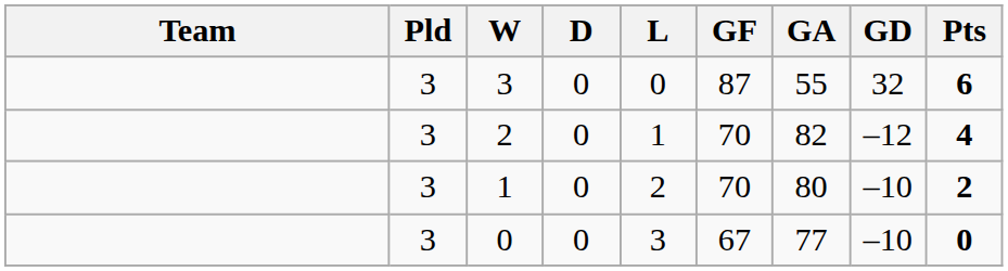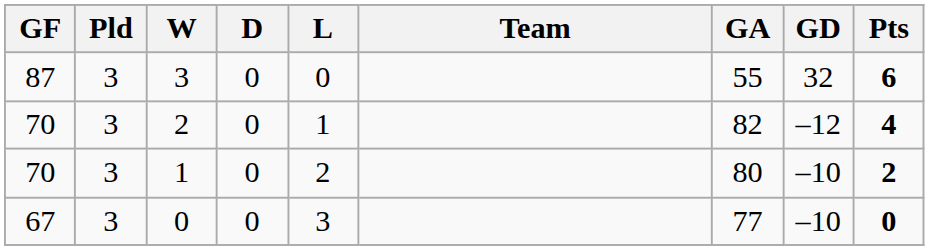 <table class="wikitable" style="text-align: center;">
 <tr>
-<th width="180">Team</th>
+<th width="30">GF</th>
 <th width="30">Pld</th>
 <th width="30">W</th>
 <th width="30">D</th>
 <th width="30">L</th>
-<th width="30">GF</th>
+<th width="180">Team</th>
 <th width="30">GA</th>
 <th width="30">GD</th>
 <th width="30">Pts</th>
 </tr>
 <tr>
-<td align="left"></td>
+<td>87</td>
 <td>3</td>
 <td>3</td>
 <td>0</td>
 <td>0</td>
-<td>87</td>
+<td align="left"></td>
 <td>55</td>
 <td>32</td>
 <td><strong>6</strong></td>
 </tr>
 <tr>
-<td align="left"></td>
+<td>70</td>
 <td>3</td>
 <td>2</td>
 <td>0</td>
 <td>1</td>
-<td>70</td>
+<td align="left"></td>
 <td>82</td>
 <td>–12</td>
 <td><strong>4</strong></td>
 </tr>
 <tr>
-<td align="left"></td>
+<td>70</td>
 <td>3</td>
 <td>1</td>
 <td>0</td>
 <td>2</td>
-<td>70</td>
+<td align="left"></td>
 <td>80</td>
 <td>–10</td>
 <td><strong>2</strong></td>
 </tr>
 <tr>
-<td align="left"></td>
+<td>67</td>
 <td>3</td>
 <td>0</td>
 <td>0</td>
 <td>3</td>
-<td>67</td>
+<td align="left"></td>
 <td>77</td>
 <td>–10</td>
 <td><strong>0</strong></td>
 </tr>
 </table>
